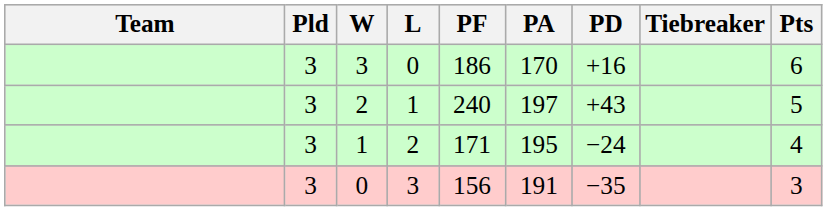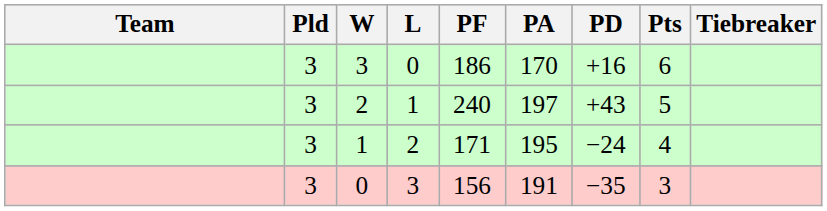 <table class="wikitable" style="text-align:center;">
 <tr>
 <th width=170>Team</th>
 <th width=25>Pld</th>
 <th width=25>W</th>
 <th width=25>L</th>
 <th width=35>PF</th>
 <th width=35>PA</th>
 <th width=35>PD</th>
+<th width=25>Pts</th>
 <th width=50>Tiebreaker</th>
-<th width=25>Pts</th>
 </tr>
 <tr bgcolor=ccffcc>
 <td align="left"></td>
 <td>3</td>
 <td>3</td>
 <td>0</td>
 <td>186</td>
 <td>170</td>
 <td>+16</td>
+<td>6</td>
 <td></td>
-<td>6</td>
 </tr>
 <tr bgcolor=ccffcc>
 <td align="left"></td>
 <td>3</td>
 <td>2</td>
 <td>1</td>
 <td>240</td>
 <td>197</td>
 <td>+43</td>
+<td>5</td>
 <td></td>
-<td>5</td>
 </tr>
 <tr bgcolor=ccffcc>
 <td align="left"></td>
 <td>3</td>
 <td>1</td>
 <td>2</td>
 <td>171</td>
 <td>195</td>
 <td>−24</td>
+<td>4</td>
 <td></td>
-<td>4</td>
 </tr>
 <tr bgcolor=ffcccc>
 <td align="left"></td>
 <td>3</td>
 <td>0</td>
 <td>3</td>
 <td>156</td>
 <td>191</td>
 <td>−35</td>
+<td>3</td>
 <td></td>
-<td>3</td>
 </tr>
 </table>
